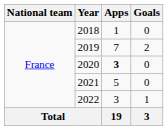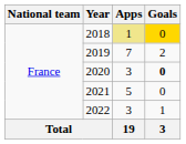 <table class="wikitable" style="text-align: center;">
 <tr>
 <th>National team</th>
 <th>Year</th>
 <th>Apps</th>
 <th>Goals</th>
 </tr>
 <tr>
 <td rowspan="5"><a href='#'>France</a></td>
 <td>2018</td>
-<td>1</td>
-<td>0</td>
+<td style="background: khaki;">1</td>
+<td style="background: gold;">0</td>
 </tr>
 <tr>
 <td>2019</td>
 <td>7</td>
 <td>2</td>
 </tr>
 <tr>
 <td>2020</td>
-<td><strong>3</strong></td>
-<td>0</td>
+<td>3</td>
+<td><strong>0</strong></td>
 </tr>
 <tr>
 <td>2021</td>
 <td>5</td>
 <td>0</td>
 </tr>
 <tr>
 <td>2022</td>
 <td>3</td>
 <td>1</td>
 </tr>
 <tr>
 <th colspan="2">Total</th>
 <th>19</th>
 <th>3</th>
 </tr>
 </table>
